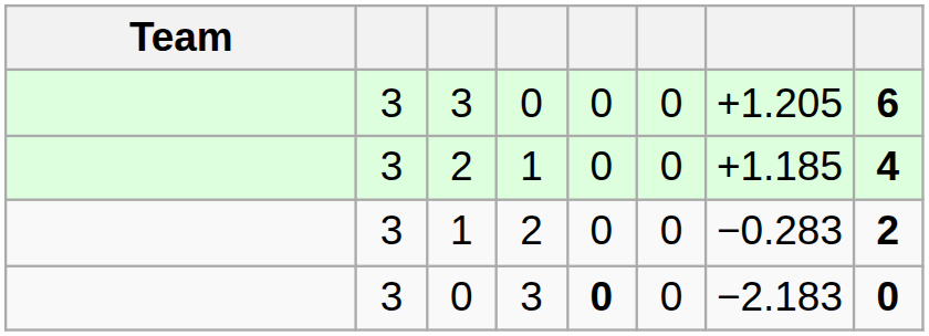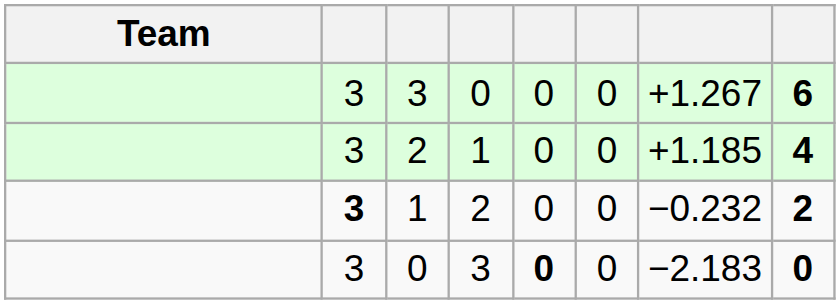 <table class="wikitable" style="text-align:center">
 <tr>
 <th style="width:130px;">Team</th>
 <th width="20"></th>
 <th width="20"></th>
 <th width="20"></th>
 <th width="20"></th>
 <th width="20"></th>
 <th width="50"></th>
 <th width="20"></th>
 </tr>
 <tr style="background:#dfd">
 <td align=left></td>
 <td>3</td>
 <td>3</td>
 <td>0</td>
 <td>0</td>
 <td>0</td>
-<td>+1.205</td>
+<td>+1.267</td>
 <td><strong>6</strong></td>
 </tr>
 <tr style="background:#dfd">
 <td align=left></td>
 <td>3</td>
 <td>2</td>
 <td>1</td>
 <td>0</td>
 <td>0</td>
 <td>+1.185</td>
 <td><strong>4</strong></td>
 </tr>
 <tr>
 <td align=left></td>
-<td>3</td>
+<td><strong>3</strong></td>
 <td>1</td>
 <td>2</td>
 <td>0</td>
 <td>0</td>
-<td>−0.283</td>
+<td>−0.232</td>
 <td><strong>2</strong></td>
 </tr>
 <tr>
 <td align=left></td>
 <td>3</td>
 <td>0</td>
 <td>3</td>
 <td><strong>0</strong></td>
 <td>0</td>
 <td>−2.183</td>
 <td><strong>0</strong></td>
 </tr>
 </table>
